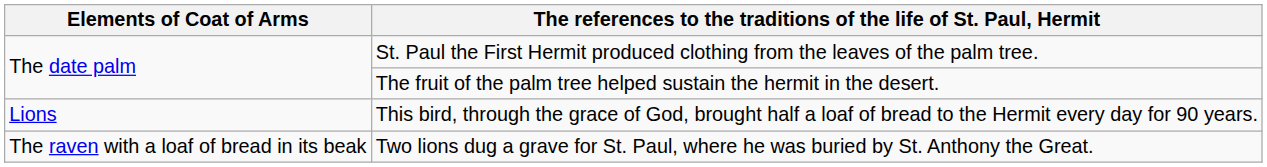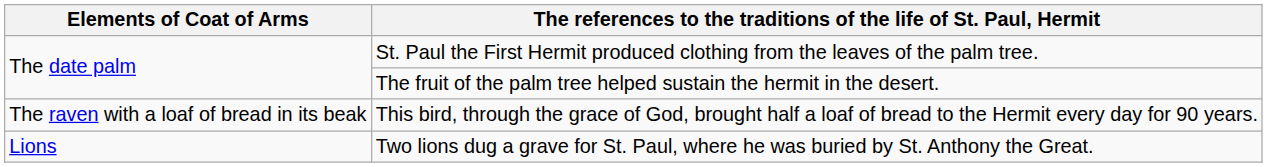 <table class="wikitable">
 <tr>
 <th>Elements of Coat of Arms</th>
 <th>The references to the traditions of the life of St. Paul, Hermit</th>
 </tr>
 <tr>
 <td rowspan="2">The <a href='#'>date palm</a></td>
 <td>St. Paul the First Hermit produced clothing from the leaves of the palm tree.</td>
 </tr>
 <tr>
 <td>The fruit of the palm tree helped sustain the hermit in the desert.</td>
 </tr>
 <tr>
-<td><a href='#'>Lions</a></td>
+<td>The <a href='#'>raven</a> with a loaf of bread in its beak</td>
 <td>This bird, through the grace of God, brought half a loaf of bread to the Hermit every day for 90 years.</td>
 </tr>
 <tr>
-<td>The <a href='#'>raven</a> with a loaf of bread in its beak</td>
+<td><a href='#'>Lions</a></td>
 <td>Two lions dug a grave for St. Paul, where he was buried by St. Anthony the Great.</td>
 </tr>
 </table>
